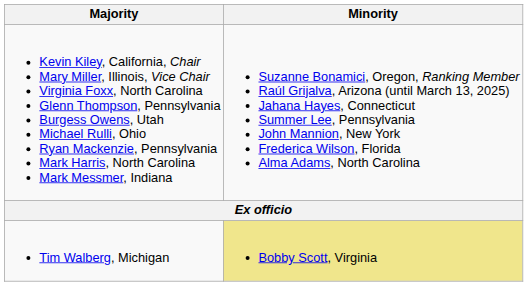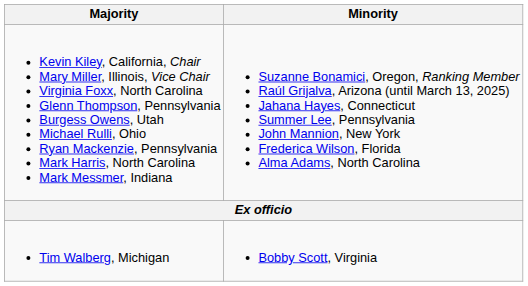 <table class=wikitable>
 <tr>
 <th>Majority</th>
 <th>Minority</th>
 </tr>
 <tr>
 <td><br><ul><li><a href='#'>Kevin Kiley</a>, California, <em>Chair</em></li><li><a href='#'>Mary Miller</a>, Illinois, <em>Vice Chair</em></li><li><a href='#'>Virginia Foxx</a>, North Carolina</li><li><a href='#'>Glenn Thompson</a>, Pennsylvania</li><li><a href='#'>Burgess Owens</a>, Utah</li><li><a href='#'>Michael Rulli</a>, Ohio</li><li><a href='#'>Ryan Mackenzie</a>, Pennsylvania</li><li><a href='#'>Mark Harris</a>, North Carolina</li><li><a href='#'>Mark Messmer</a>, Indiana</li></ul></td>
 <td><br><ul><li><a href='#'>Suzanne Bonamici</a>, Oregon, <em>Ranking Member</em></li><li><a href='#'>Raúl Grijalva</a>, Arizona (until March 13, 2025)</li><li><a href='#'>Jahana Hayes</a>, Connecticut</li><li><a href='#'>Summer Lee</a>, Pennsylvania</li><li><a href='#'>John Mannion</a>, New York</li><li><a href='#'>Frederica Wilson</a>, Florida</li><li><a href='#'>Alma Adams</a>, North Carolina</li></ul></td>
 </tr>
 <tr>
 <th colspan=2><em>Ex officio</em></th>
 </tr>
 <tr>
 <td><br><ul><li><a href='#'>Tim Walberg</a>, Michigan</li></ul></td>
-<td style="background: khaki;"><br><ul><li><a href='#'>Bobby Scott</a>, Virginia</li></ul></td>
+<td><br><ul><li><a href='#'>Bobby Scott</a>, Virginia</li></ul></td>
 </tr>
 </table>
